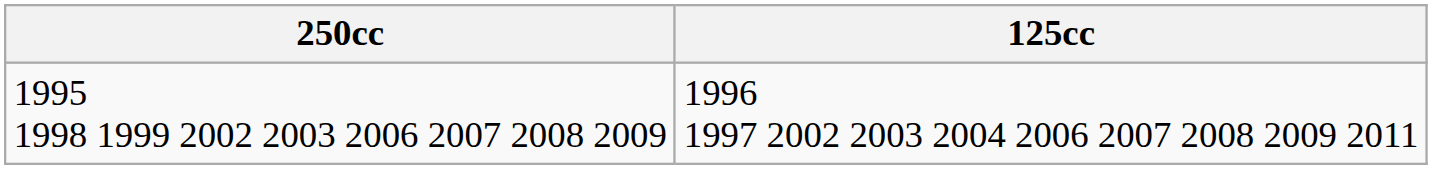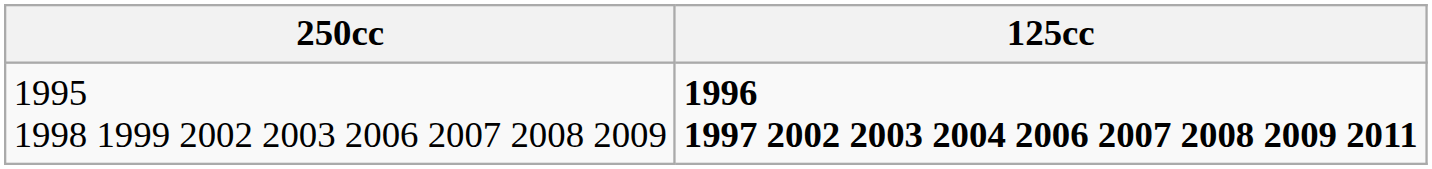 <table class="wikitable">
 <tr>
 <th>250cc</th>
 <th>125cc</th>
 </tr>
 <tr>
 <td>1995<br>1998 1999 2002 2003 2006 2007 2008 2009</td>
-<td>1996<br>1997 2002 2003 2004 2006 2007 2008 2009 2011</td>
+<td><strong>1996<br>1997 2002 2003 2004 2006 2007 2008 2009 2011</strong></td>
 </tr>
 </table>
